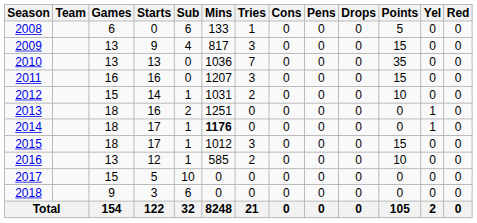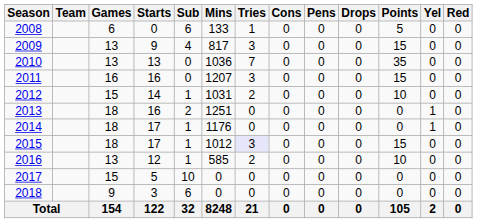 <table class="wikitable" style="text-align:center; line-height:90%; font-size:95%; width:60%;">
 <tr>
 <th>Season</th>
 <th>Team</th>
 <th>Games</th>
 <th>Starts</th>
 <th>Sub</th>
 <th>Mins</th>
 <th>Tries</th>
 <th>Cons</th>
 <th>Pens</th>
 <th>Drops</th>
 <th>Points</th>
 <th>Yel</th>
 <th>Red</th>
 </tr>
 <tr>
 <td><a href='#'>2008</a></td>
 <td></td>
 <td>6</td>
 <td>0</td>
 <td>6</td>
 <td>133</td>
 <td>1</td>
 <td>0</td>
 <td>0</td>
 <td>0</td>
 <td>5</td>
 <td>0</td>
 <td>0</td>
 </tr>
 <tr>
 <td><a href='#'>2009</a></td>
 <td></td>
 <td>13</td>
 <td>9</td>
 <td>4</td>
 <td>817</td>
 <td>3</td>
 <td>0</td>
 <td>0</td>
 <td>0</td>
 <td>15</td>
 <td>0</td>
 <td>0</td>
 </tr>
 <tr>
 <td><a href='#'>2010</a></td>
 <td></td>
 <td>13</td>
 <td>13</td>
 <td>0</td>
 <td>1036</td>
 <td>7</td>
 <td>0</td>
 <td>0</td>
 <td>0</td>
 <td>35</td>
 <td>0</td>
 <td>0</td>
 </tr>
 <tr>
 <td><a href='#'>2011</a></td>
 <td></td>
 <td>16</td>
 <td>16</td>
 <td>0</td>
 <td>1207</td>
 <td>3</td>
 <td>0</td>
 <td>0</td>
 <td>0</td>
 <td>15</td>
 <td>0</td>
 <td>0</td>
 </tr>
 <tr>
 <td><a href='#'>2012</a></td>
 <td></td>
 <td>15</td>
 <td>14</td>
 <td>1</td>
 <td>1031</td>
 <td>2</td>
 <td>0</td>
 <td>0</td>
 <td>0</td>
 <td>10</td>
 <td>0</td>
 <td>0</td>
 </tr>
 <tr>
 <td><a href='#'>2013</a></td>
 <td></td>
 <td>18</td>
 <td>16</td>
 <td>2</td>
 <td>1251</td>
 <td>0</td>
 <td>0</td>
 <td>0</td>
 <td>0</td>
 <td>0</td>
 <td>1</td>
 <td>0</td>
 </tr>
 <tr>
 <td><a href='#'>2014</a></td>
 <td></td>
 <td>18</td>
 <td>17</td>
 <td>1</td>
-<td><strong>1176</strong></td>
+<td>1176</td>
 <td>0</td>
 <td>0</td>
 <td>0</td>
 <td>0</td>
 <td>0</td>
 <td>1</td>
 <td>0</td>
 </tr>
 <tr>
 <td><a href='#'>2015</a></td>
 <td></td>
 <td>18</td>
 <td>17</td>
 <td>1</td>
 <td>1012</td>
-<td>3</td>
+<td style="background: lavender;">3</td>
 <td>0</td>
 <td>0</td>
 <td>0</td>
 <td>15</td>
 <td>0</td>
 <td>0</td>
 </tr>
 <tr>
 <td><a href='#'>2016</a></td>
 <td></td>
 <td>13</td>
 <td>12</td>
 <td>1</td>
 <td>585</td>
 <td>2</td>
 <td>0</td>
 <td>0</td>
 <td>0</td>
 <td>10</td>
 <td>0</td>
 <td>0</td>
 </tr>
 <tr>
 <td><a href='#'>2017</a></td>
 <td></td>
 <td>15</td>
 <td>5</td>
 <td>10</td>
 <td>0</td>
 <td>0</td>
 <td>0</td>
 <td>0</td>
 <td>0</td>
 <td>0</td>
 <td>0</td>
 <td>0</td>
 </tr>
 <tr>
 <td><a href='#'>2018</a></td>
 <td></td>
 <td>9</td>
 <td>3</td>
 <td>6</td>
 <td>0</td>
 <td>0</td>
 <td>0</td>
 <td>0</td>
 <td>0</td>
 <td>0</td>
 <td>0</td>
 <td>0</td>
 </tr>
 <tr>
 <th colspan="2">Total</th>
 <th>154</th>
 <th>122</th>
 <th>32</th>
 <th>8248</th>
 <th>21</th>
 <th>0</th>
 <th>0</th>
 <th>0</th>
 <th>105</th>
 <th>2</th>
 <th>0</th>
 </tr>
 </table>
